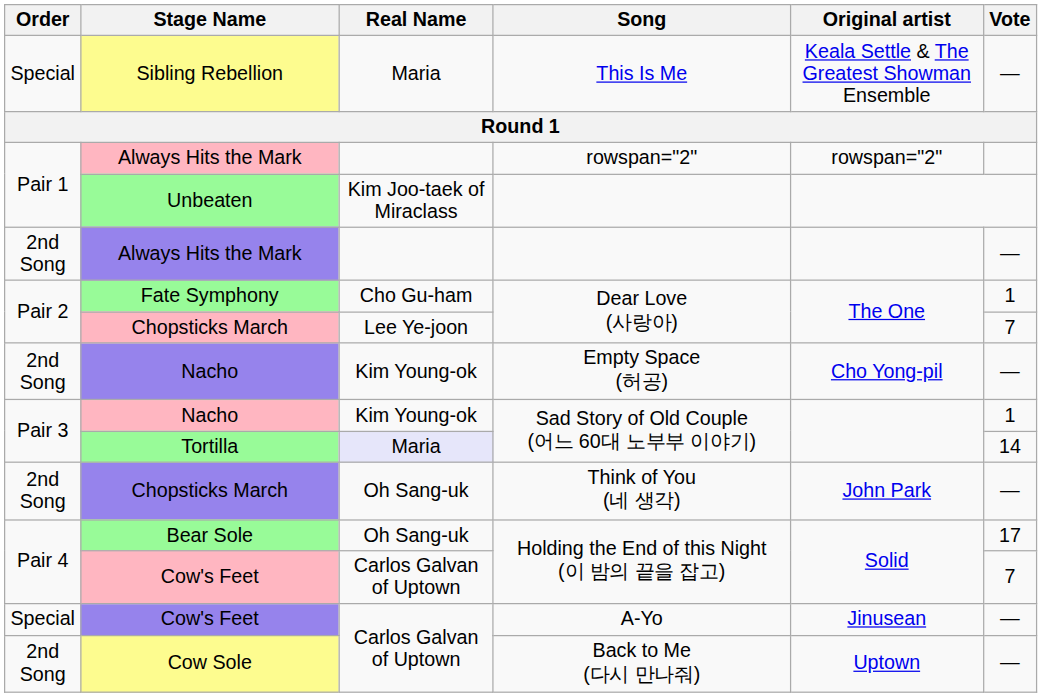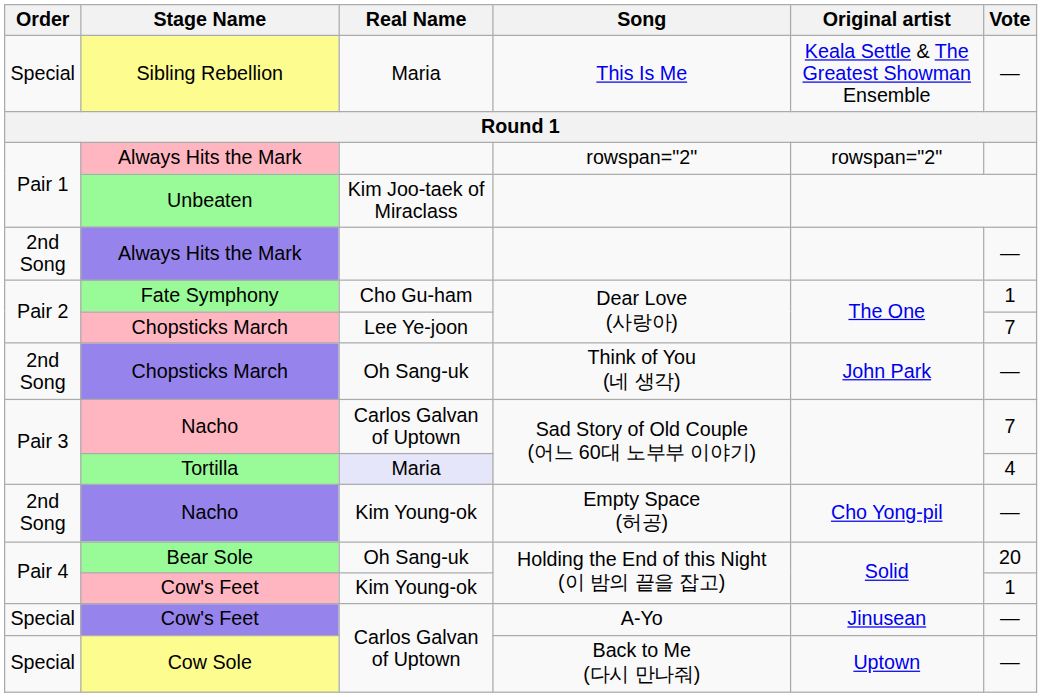 <table class="wikitable" style="text-align:center; width:95%;">
 <tr>
 <th style="width:1%;">Order</th>
 <th style="width:20%;">Stage Name</th>
 <th style="width:12%;">Real Name</th>
 <th style="width:23%;">Song</th>
 <th style="width:15%;">Original artist</th>
 <th style="width:1%;">Vote</th>
 </tr>
 <tr>
 <td>Special</td>
 <td bgcolor="#FDFC8F">Sibling Rebellion</td>
 <td>Maria</td>
 <td><a href='#'>This Is Me</a></td>
 <td><a href='#'>Keala Settle</a> & <a href='#'>The Greatest Showman</a> Ensemble</td>
 <td>—</td>
 </tr>
 <tr>
 <th colspan=6>Round 1</th>
 </tr>
 <tr>
 <td rowspan=2>Pair 1</td>
 <td bgcolor="lightpink">Always Hits the Mark</td>
 <td></td>
 <td>rowspan="2" </td>
 <td>rowspan="2" </td>
 <td></td>
 </tr>
 <tr>
 <td bgcolor="palegreen">Unbeaten</td>
 <td>Kim Joo-taek of Miraclass</td>
 <td></td>
 </tr>
 <tr>
 <td>2nd Song</td>
 <td bgcolor="#9683EC">Always Hits the Mark</td>
 <td></td>
 <td></td>
 <td></td>
 <td>—</td>
 </tr>
 <tr>
 <td rowspan=2>Pair 2</td>
 <td bgcolor="palegreen">Fate Symphony</td>
 <td>Cho Gu-ham</td>
 <td rowspan=2>Dear Love<br>(사랑아)</td>
 <td rowspan=2><a href='#'>The One</a></td>
 <td>1</td>
 </tr>
 <tr>
 <td bgcolor="lightpink">Chopsticks March</td>
 <td>Lee Ye-joon</td>
 <td>7</td>
 </tr>
 <tr>
 <td>2nd Song</td>
-<td bgcolor="#9683EC">Nacho</td>
-<td>Kim Young-ok</td>
-<td>Empty Space<br>(허공)</td>
-<td><a href='#'>Cho Yong-pil</a></td>
+<td bgcolor="#9683EC">Chopsticks March</td>
+<td>Oh Sang-uk</td>
+<td>Think of You<br>(네 생각)</td>
+<td><a href='#'>John Park</a></td>
 <td>—</td>
 </tr>
 <tr>
 <td rowspan=2>Pair 3</td>
 <td bgcolor="lightpink">Nacho</td>
-<td>Kim Young-ok</td>
+<td>Carlos Galvan of Uptown</td>
 <td rowspan=2>Sad Story of Old Couple<br>(어느 60대 노부부 이야기)</td>
 <td rowspan=2></td>
-<td>1</td>
+<td>7</td>
 </tr>
 <tr>
 <td bgcolor="palegreen">Tortilla</td>
 <td style="background: lavender;">Maria</td>
-<td>14</td>
+<td>4</td>
 </tr>
 <tr>
 <td>2nd Song</td>
-<td bgcolor="#9683EC">Chopsticks March</td>
-<td>Oh Sang-uk</td>
-<td>Think of You<br>(네 생각)</td>
-<td><a href='#'>John Park</a></td>
+<td bgcolor="#9683EC">Nacho</td>
+<td>Kim Young-ok</td>
+<td>Empty Space<br>(허공)</td>
+<td><a href='#'>Cho Yong-pil</a></td>
 <td>—</td>
 </tr>
 <tr>
 <td rowspan=2>Pair 4</td>
 <td bgcolor="palegreen">Bear Sole</td>
 <td>Oh Sang-uk</td>
 <td rowspan=2>Holding the End of this Night<br>(이 밤의 끝을 잡고)</td>
 <td rowspan=2><a href='#'>Solid</a></td>
-<td>17</td>
+<td>20</td>
 </tr>
 <tr>
 <td bgcolor="lightpink">Cow's Feet</td>
-<td>Carlos Galvan of Uptown</td>
-<td>7</td>
+<td>Kim Young-ok</td>
+<td>1</td>
 </tr>
 <tr>
 <td>Special</td>
 <td bgcolor="#9683EC">Cow's Feet</td>
 <td rowspan=2>Carlos Galvan of Uptown</td>
 <td>A-Yo</td>
 <td><a href='#'>Jinusean</a></td>
 <td>—</td>
 </tr>
 <tr>
-<td>2nd Song</td>
+<td>Special</td>
 <td bgcolor="#FDFC8F">Cow Sole</td>
 <td>Back to Me<br>(다시 만나줘)</td>
 <td><a href='#'>Uptown</a></td>
 <td>—</td>
 </tr>
 </table>
